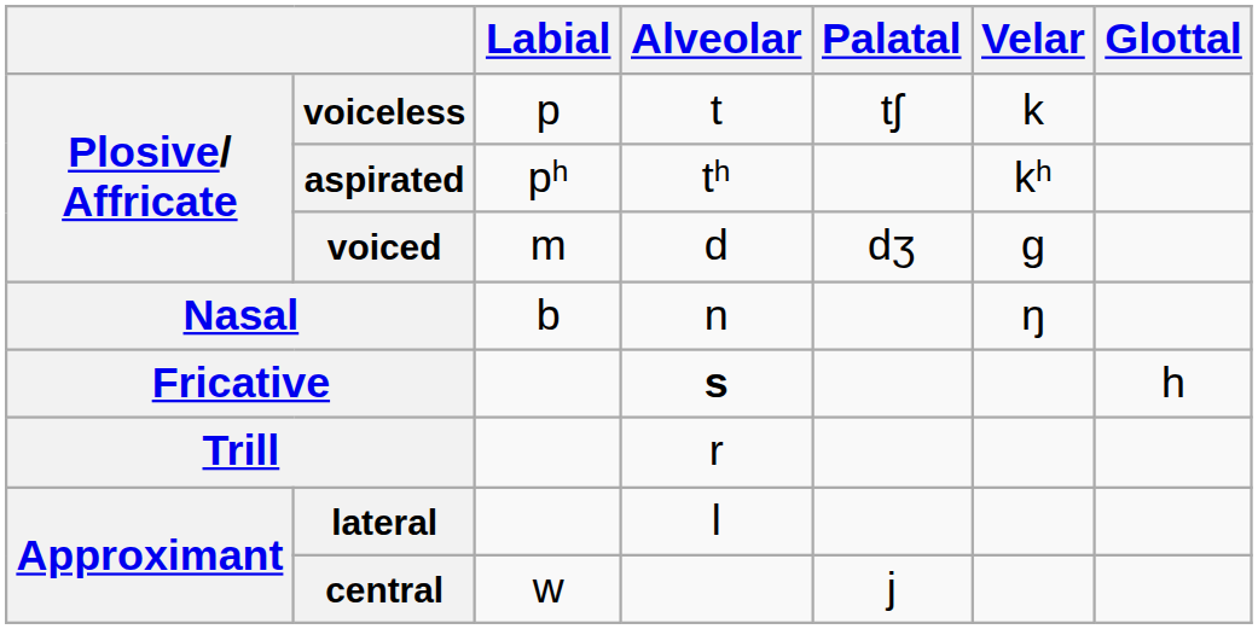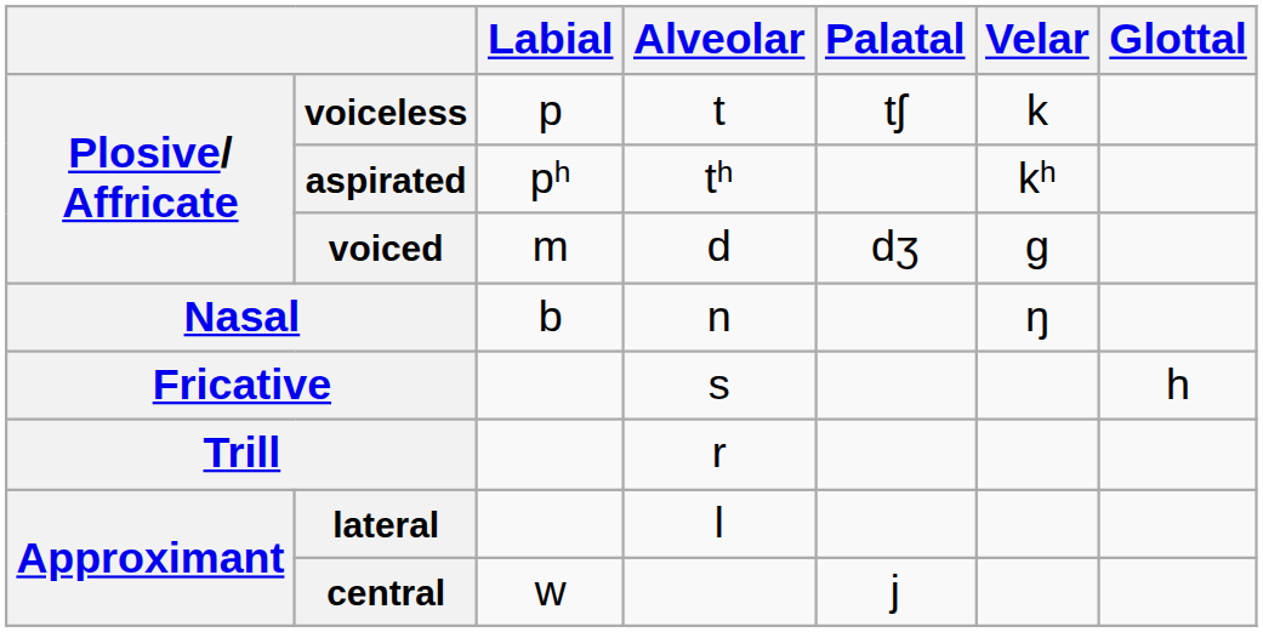 <table class="wikitable" style="text-align:center">
 <tr>
 <th colspan="2"></th>
 <th><a href='#'>Labial</a></th>
 <th><a href='#'>Alveolar</a></th>
 <th><a href='#'>Palatal</a></th>
 <th><a href='#'>Velar</a></th>
 <th><a href='#'>Glottal</a></th>
 </tr>
 <tr>
 <th rowspan="3"><a href='#'>Plosive</a>/<br><a href='#'>Affricate</a></th>
 <th><small>voiceless</small></th>
 <td>p</td>
 <td>t</td>
 <td>tʃ</td>
 <td>k</td>
 <td></td>
 </tr>
 <tr>
 <th><small>aspirated</small></th>
 <td>pʰ</td>
 <td>tʰ</td>
 <td></td>
 <td>kʰ</td>
 <td></td>
 </tr>
 <tr>
 <th><small>voiced</small></th>
 <td>m</td>
 <td>d</td>
 <td>dʒ</td>
 <td>ɡ</td>
 <td></td>
 </tr>
 <tr>
 <th colspan="2"><a href='#'>Nasal</a></th>
 <td>b</td>
 <td>n</td>
 <td></td>
 <td>ŋ</td>
 <td></td>
 </tr>
 <tr>
 <th colspan="2"><a href='#'>Fricative</a></th>
 <td></td>
-<td><strong>s</strong></td>
+<td>s</td>
 <td></td>
 <td></td>
 <td>h</td>
 </tr>
 <tr>
 <th colspan="2"><a href='#'>Trill</a></th>
 <td></td>
 <td>r</td>
 <td></td>
 <td></td>
 <td></td>
 </tr>
 <tr>
 <th rowspan="2"><a href='#'>Approximant</a></th>
 <th><small>lateral</small></th>
 <td></td>
 <td>l</td>
 <td></td>
 <td></td>
 <td></td>
 </tr>
 <tr>
 <th><small>central</small></th>
 <td>w</td>
 <td></td>
 <td>j</td>
 <td></td>
 <td></td>
 </tr>
 </table>
